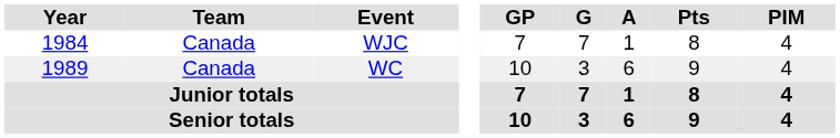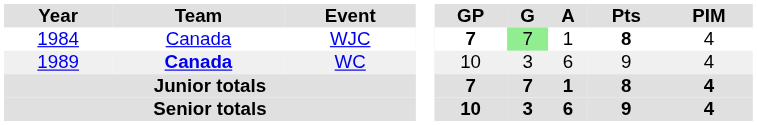 <table border="0" cellpadding="1" cellspacing="0" style="text-align:center; width:40em">
 <tr ALIGN="center" bgcolor="#e0e0e0">
 <th>Year</th>
 <th>Team</th>
 <th>Event</th>
 <th rowspan="99" bgcolor="#ffffff"> </th>
 <th>GP</th>
 <th>G</th>
 <th>A</th>
 <th>Pts</th>
 <th>PIM</th>
 </tr>
 <tr>
 <td><a href='#'>1984</a></td>
 <td><a href='#'>Canada</a></td>
 <td><a href='#'>WJC</a></td>
-<td>7</td>
-<td>7</td>
+<td><strong>7</strong></td>
+<td style="background: lightgreen;">7</td>
 <td>1</td>
-<td>8</td>
+<td><strong>8</strong></td>
 <td>4</td>
 </tr>
 <tr bgcolor="#f0f0f0">
 <td><a href='#'>1989</a></td>
-<td><a href='#'>Canada</a></td>
+<td><strong><a href='#'>Canada</a></strong></td>
 <td><a href='#'>WC</a></td>
 <td>10</td>
 <td>3</td>
 <td>6</td>
 <td>9</td>
 <td>4</td>
 </tr>
 <tr bgcolor="#e0e0e0">
 <th colspan=3>Junior totals</th>
 <th>7</th>
 <th>7</th>
 <th>1</th>
 <th>8</th>
 <th>4</th>
 </tr>
 <tr bgcolor="#e0e0e0">
 <th colspan=3>Senior totals</th>
 <th>10</th>
 <th>3</th>
 <th>6</th>
 <th>9</th>
 <th>4</th>
 </tr>
 </table>
